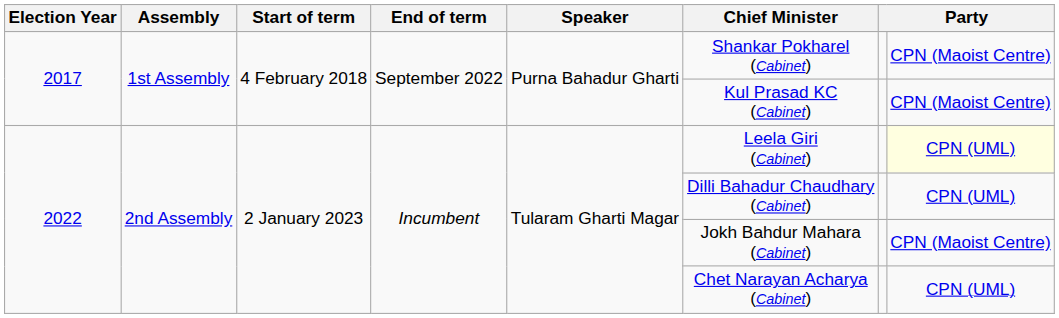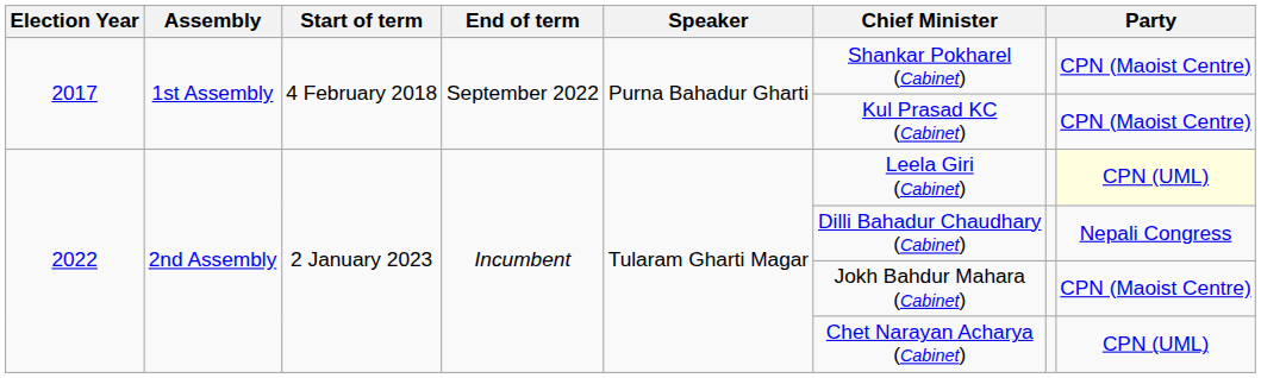 <table class="wikitable" style="text-align:center">
 <tr>
 <th>Election Year</th>
 <th>Assembly</th>
 <th>Start of term</th>
 <th>End of term</th>
 <th>Speaker</th>
 <th>Chief Minister</th>
 <th colspan="2">Party</th>
 </tr>
 <tr>
 <td rowspan="2"><a href='#'>2017</a></td>
 <td rowspan="2"><a href='#'>1st Assembly</a></td>
 <td rowspan="2">4 February 2018</td>
 <td rowspan="2">September 2022</td>
 <td rowspan="2">Purna Bahadur Gharti</td>
 <td><a href='#'>Shankar Pokharel</a><br>(<em><small><a href='#'>Cabinet</a></small></em>)</td>
 <td><br></td>
 <td><a href='#'>CPN (Maoist Centre)</a></td>
 </tr>
 <tr>
 <td><a href='#'>Kul Prasad KC</a><br>(<em><small><a href='#'>Cabinet</a></small></em>)</td>
 <td><br></td>
 <td><a href='#'>CPN (Maoist Centre)</a></td>
 </tr>
 <tr>
 <td rowspan="4"><a href='#'>2022</a></td>
 <td rowspan="4"><a href='#'>2nd Assembly</a></td>
 <td rowspan="4">2 January 2023</td>
 <td rowspan="4"><em>Incumbent</em></td>
 <td rowspan="4">Tularam Gharti Magar</td>
 <td><a href='#'>Leela Giri</a><br>(<em><small><a href='#'>Cabinet</a></small></em>)</td>
 <td><br></td>
 <td style="background: lightyellow;"><a href='#'>CPN (UML)</a></td>
 </tr>
 <tr>
 <td><a href='#'>Dilli Bahadur Chaudhary</a><br>(<em><small><a href='#'>Cabinet</a></small></em>)</td>
 <td></td>
-<td><a href='#'>CPN (UML)</a></td>
+<td><a href='#'>Nepali Congress</a></td>
 </tr>
 <tr>
 <td>Jokh Bahdur Mahara<br>(<em><small><a href='#'>Cabinet</a></small></em>)</td>
 <td></td>
 <td><a href='#'>CPN (Maoist Centre)</a></td>
 </tr>
 <tr>
 <td><a href='#'>Chet Narayan Acharya</a><br>(<em><small><a href='#'>Cabinet</a></small></em>)</td>
 <td><br></td>
 <td><a href='#'>CPN (UML)</a></td>
 </tr>
 </table>
